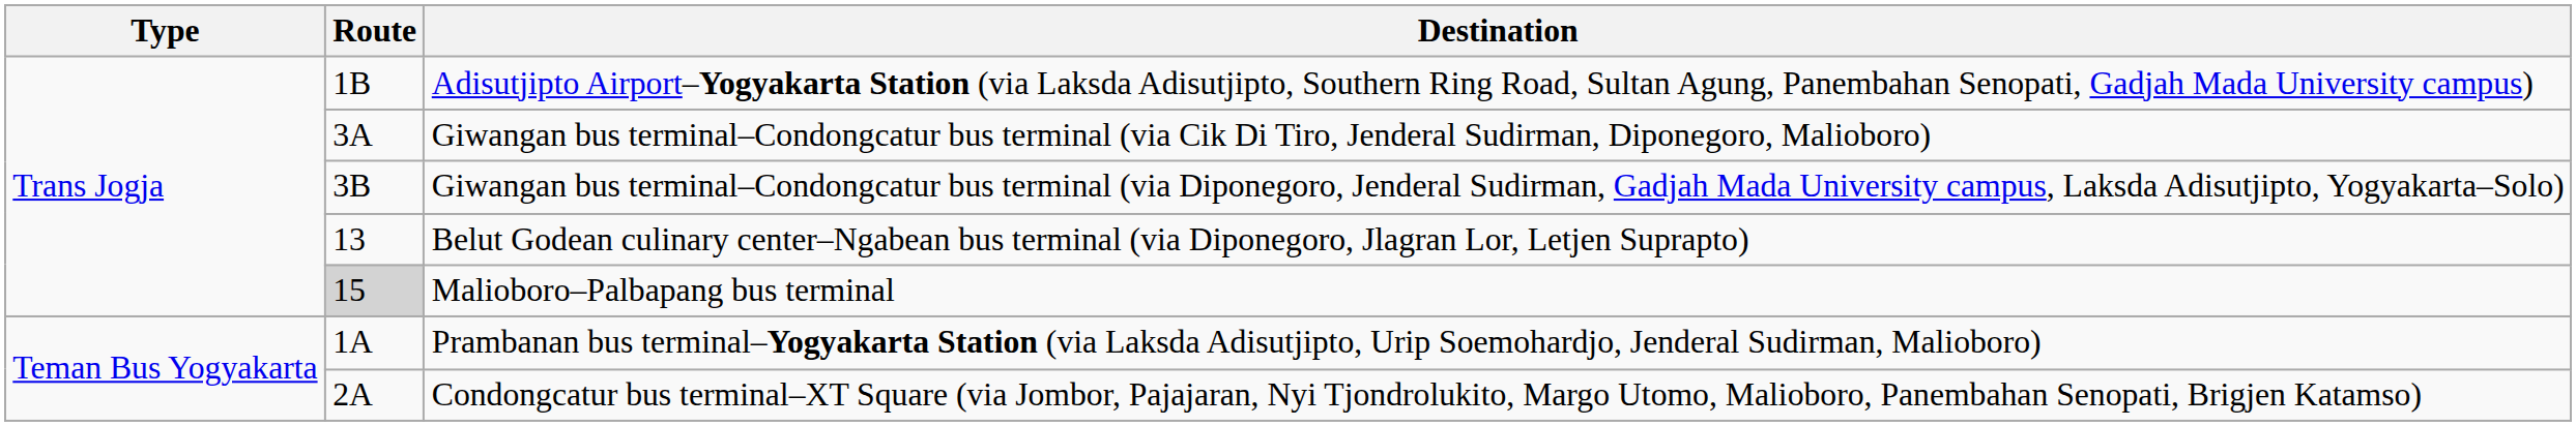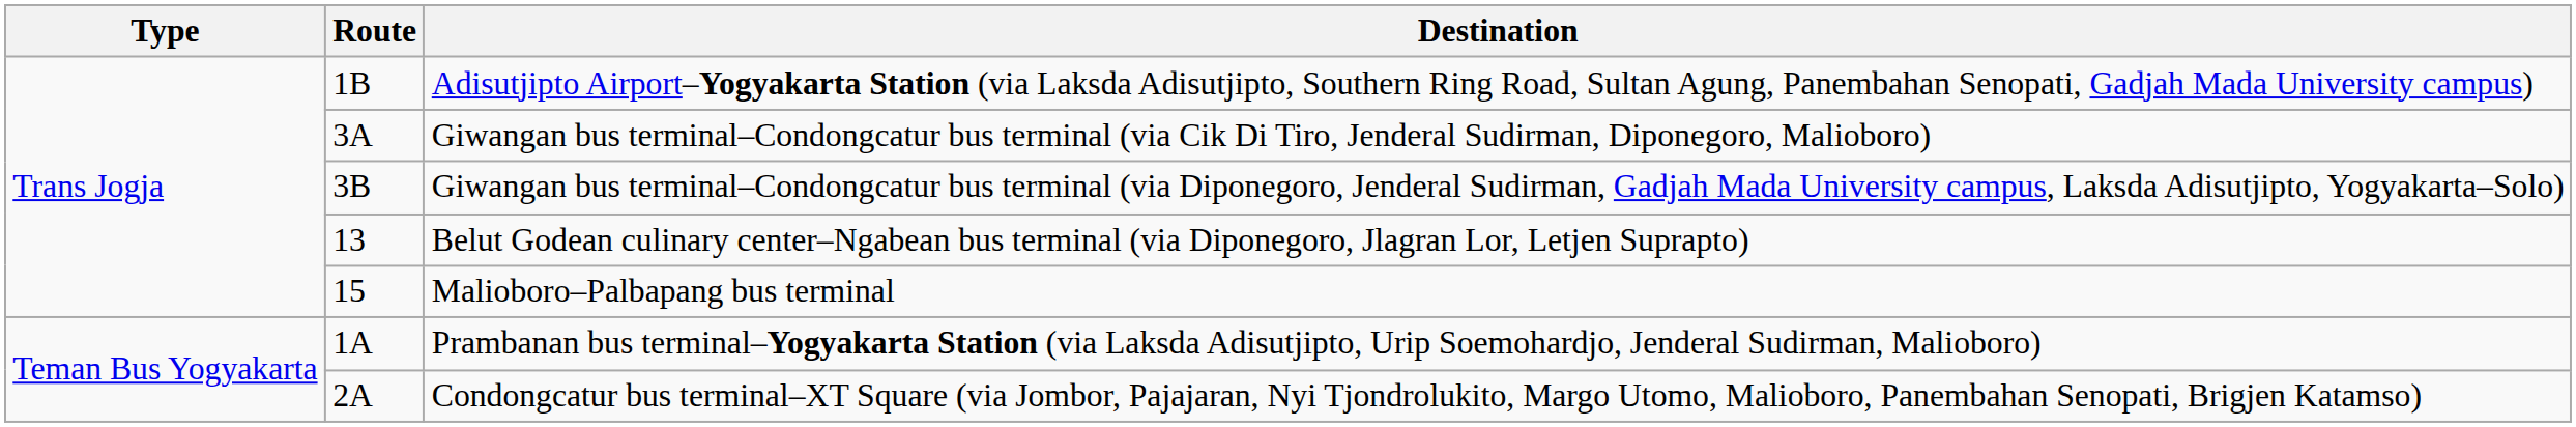 <table class="wikitable sortable">
 <tr>
 <th>Type</th>
 <th>Route</th>
 <th>Destination</th>
 </tr>
 <tr>
 <td rowspan="5"><a href='#'>Trans Jogja</a></td>
 <td>1B</td>
 <td><a href='#'>Adisutjipto Airport</a>–<strong>Yogyakarta Station</strong>  (via Laksda Adisutjipto, Southern Ring Road, Sultan Agung, Panembahan Senopati, <a href='#'>Gadjah Mada University campus</a>)</td>
 </tr>
 <tr>
 <td>3A</td>
 <td>Giwangan bus terminal–Condongcatur bus terminal (via Cik Di Tiro, Jenderal Sudirman, Diponegoro, Malioboro)</td>
 </tr>
 <tr>
 <td>3B</td>
 <td>Giwangan bus terminal–Condongcatur bus terminal (via Diponegoro, Jenderal Sudirman, <a href='#'>Gadjah Mada University campus</a>, Laksda Adisutjipto, Yogyakarta–Solo)</td>
 </tr>
 <tr>
 <td>13</td>
 <td>Belut Godean culinary center–Ngabean bus terminal (via Diponegoro, Jlagran Lor, Letjen Suprapto)</td>
 </tr>
 <tr>
-<td style="background: lightgrey;">15</td>
+<td>15</td>
 <td>Malioboro–Palbapang bus terminal</td>
 </tr>
 <tr>
 <td rowspan="2"><a href='#'>Teman Bus Yogyakarta</a></td>
 <td>1A</td>
 <td>Prambanan bus terminal–<strong>Yogyakarta Station</strong> (via Laksda Adisutjipto, Urip Soemohardjo, Jenderal Sudirman, Malioboro)</td>
 </tr>
 <tr>
 <td>2A</td>
 <td>Condongcatur bus terminal–XT Square (via Jombor, Pajajaran, Nyi Tjondrolukito, Margo Utomo, Malioboro, Panembahan Senopati, Brigjen Katamso)</td>
 </tr>
 </table>
